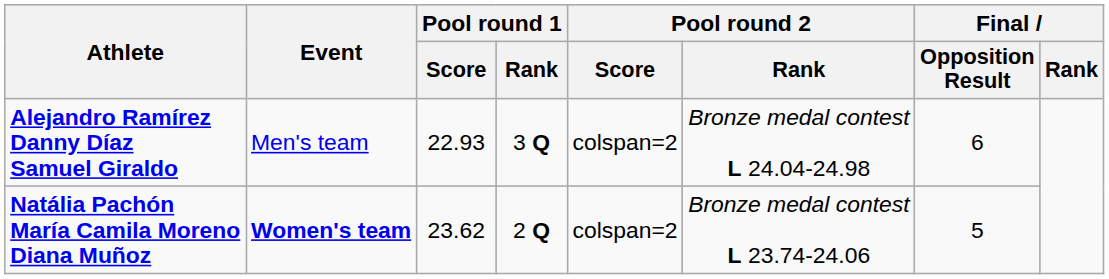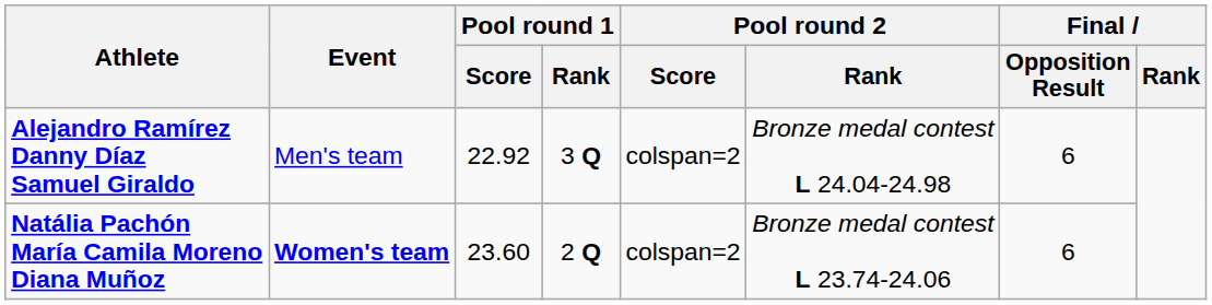 <table class=wikitable style=font-size:90%;text-align:center>
 <tr>
 <th rowspan=2>Athlete</th>
 <th rowspan=2>Event</th>
 <th colspan=2>Pool round 1</th>
 <th colspan=2>Pool round 2</th>
 <th colspan=2>Final / </th>
 </tr>
 <tr style=font-size:95%>
 <th>Score</th>
 <th>Rank</th>
 <th>Score</th>
 <th>Rank</th>
 <th>Opposition<br>Result</th>
 <th>Rank</th>
 </tr>
 <tr>
 <td align=left><strong><a href='#'>Alejandro Ramírez</a><br><a href='#'>Danny Díaz</a><br><a href='#'>Samuel Giraldo</a></strong></td>
 <td align=left><a href='#'>Men's team</a></td>
-<td>22.93</td>
+<td>22.92</td>
 <td>3 <strong>Q</strong></td>
 <td>colspan=2 </td>
 <td><em>Bronze medal contest</em><br><br><strong>L</strong> 24.04-24.98</td>
 <td>6</td>
 </tr>
 <tr>
 <td align=left><strong><a href='#'>Natália Pachón</a><br><a href='#'>María Camila Moreno</a><br><a href='#'>Diana Muñoz</a></strong></td>
 <td align=left><strong><a href='#'>Women's team</a></strong></td>
-<td>23.62</td>
+<td>23.60</td>
 <td>2 <strong>Q</strong></td>
 <td>colspan=2 </td>
 <td><em>Bronze medal contest</em><br><br><strong>L</strong> 23.74-24.06</td>
-<td>5</td>
+<td>6</td>
 </tr>
 </table>
